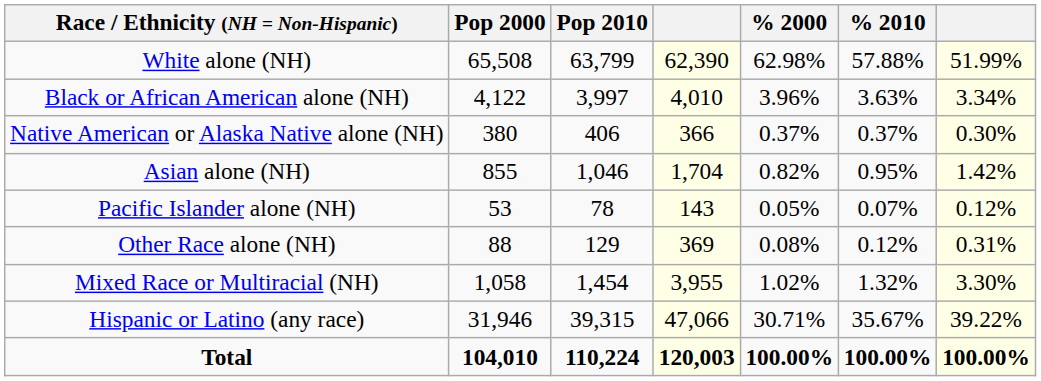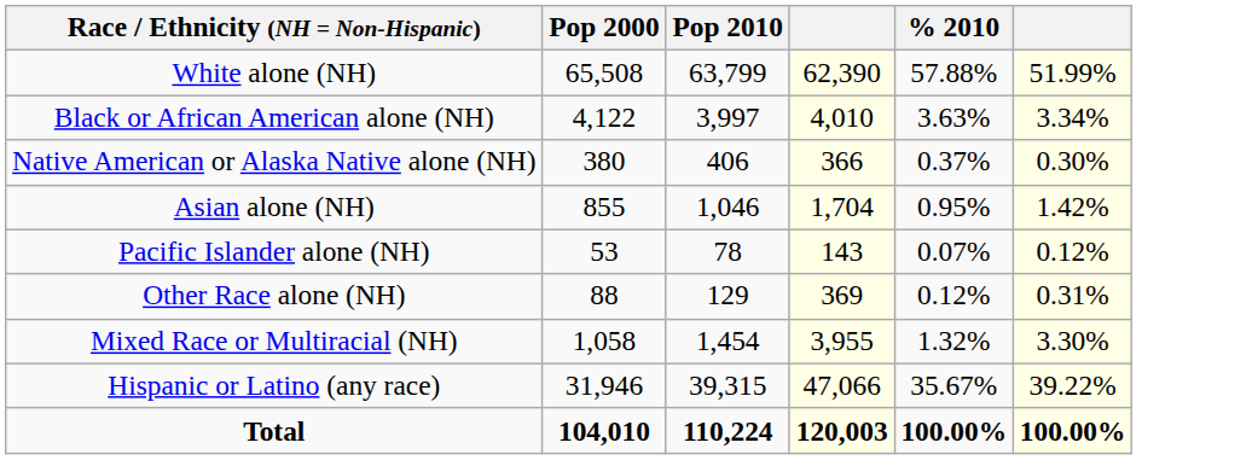 <table class="wikitable" style="text-align:center;">
 <tr>
 <th>Race / Ethnicity <small>(<em>NH = Non-Hispanic</em>)</small></th>
 <th>Pop 2000</th>
 <th>Pop 2010</th>
 <th></th>
-<th>% 2000</th>
 <th>% 2010</th>
 <th></th>
 </tr>
 <tr>
 <td><a href='#'>White</a> alone (NH)</td>
 <td>65,508</td>
 <td>63,799</td>
 <td style='background: #ffffe6;'>62,390</td>
-<td>62.98%</td>
 <td>57.88%</td>
 <td style='background: #ffffe6;'>51.99%</td>
 </tr>
 <tr>
 <td><a href='#'>Black or African American</a> alone (NH)</td>
 <td>4,122</td>
 <td>3,997</td>
 <td style='background: #ffffe6;'>4,010</td>
-<td>3.96%</td>
 <td>3.63%</td>
 <td style='background: #ffffe6;'>3.34%</td>
 </tr>
 <tr>
 <td><a href='#'>Native American</a> or <a href='#'>Alaska Native</a> alone (NH)</td>
 <td>380</td>
 <td>406</td>
 <td style='background: #ffffe6;'>366</td>
 <td>0.37%</td>
-<td>0.37%</td>
 <td style='background: #ffffe6;'>0.30%</td>
 </tr>
 <tr>
 <td><a href='#'>Asian</a> alone (NH)</td>
 <td>855</td>
 <td>1,046</td>
 <td style='background: #ffffe6;'>1,704</td>
-<td>0.82%</td>
 <td>0.95%</td>
 <td style='background: #ffffe6;'>1.42%</td>
 </tr>
 <tr>
 <td><a href='#'>Pacific Islander</a> alone (NH)</td>
 <td>53</td>
 <td>78</td>
 <td style='background: #ffffe6;'>143</td>
-<td>0.05%</td>
 <td>0.07%</td>
 <td style='background: #ffffe6;'>0.12%</td>
 </tr>
 <tr>
 <td><a href='#'>Other Race</a> alone (NH)</td>
 <td>88</td>
 <td>129</td>
 <td style='background: #ffffe6;'>369</td>
-<td>0.08%</td>
 <td>0.12%</td>
 <td style='background: #ffffe6;'>0.31%</td>
 </tr>
 <tr>
 <td><a href='#'>Mixed Race or Multiracial</a> (NH)</td>
 <td>1,058</td>
 <td>1,454</td>
 <td style='background: #ffffe6;'>3,955</td>
-<td>1.02%</td>
 <td>1.32%</td>
 <td style='background: #ffffe6;'>3.30%</td>
 </tr>
 <tr>
 <td><a href='#'>Hispanic or Latino</a> (any race)</td>
 <td>31,946</td>
 <td>39,315</td>
 <td style='background: #ffffe6;'>47,066</td>
-<td>30.71%</td>
 <td>35.67%</td>
 <td style='background: #ffffe6;'>39.22%</td>
 </tr>
 <tr>
 <td><strong>Total</strong></td>
 <td><strong>104,010</strong></td>
 <td><strong>110,224</strong></td>
 <td style='background: #ffffe6;'><strong>120,003</strong></td>
 <td><strong>100.00%</strong></td>
-<td><strong>100.00%</strong></td>
 <td style='background: #ffffe6;'><strong>100.00%</strong></td>
 </tr>
 </table>
